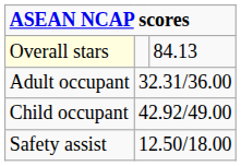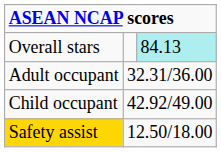 <table class="wikitable">
 <tr>
 <td colspan="3"><strong><a href='#'>ASEAN NCAP</a> scores</strong></td>
 </tr>
 <tr>
-<td style="background: lightyellow;">Overall stars</td>
+<td>Overall stars</td>
 <td></td>
-<td>84.13</td>
+<td style="background: paleturquoise;">84.13</td>
 </tr>
 <tr>
 <td>Adult occupant</td>
 <td colspan="2">32.31/36.00</td>
 </tr>
 <tr>
 <td>Child occupant</td>
 <td colspan="2">42.92/49.00</td>
 </tr>
 <tr>
-<td>Safety assist</td>
+<td style="background: gold;">Safety assist</td>
 <td colspan="2">12.50/18.00</td>
 </tr>
 </table>
